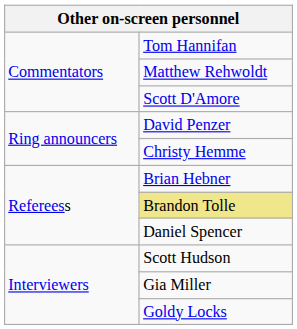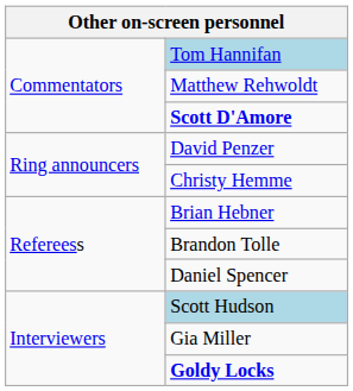 <table align="right" class="wikitable" style="border:1px; font-size:90%; margin-left:1em;">
 <tr>
 <th width="250" colspan="2"><strong>Other on-screen personnel</strong></th>
 </tr>
 <tr>
 <td rowspan="3"><a href='#'>Commentators</a></td>
-<td><a href='#'>Tom Hannifan</a></td>
+<td style="background: lightblue;"><a href='#'>Tom Hannifan</a></td>
 </tr>
 <tr>
 <td><a href='#'>Matthew Rehwoldt</a></td>
 </tr>
 <tr>
-<td><a href='#'>Scott D'Amore</a> </td>
+<td><strong><a href='#'>Scott D'Amore</a> </strong></td>
 </tr>
 <tr>
 <td rowspan="2"><a href='#'>Ring announcers</a></td>
 <td><a href='#'>David Penzer</a></td>
 </tr>
 <tr>
 <td><a href='#'>Christy Hemme</a> </td>
 </tr>
 <tr>
 <td rowspan="3"><a href='#'>Referees</a>s</td>
 <td><a href='#'>Brian Hebner</a></td>
 </tr>
 <tr>
-<td style="background: khaki;">Brandon Tolle</td>
+<td>Brandon Tolle</td>
 </tr>
 <tr>
 <td>Daniel Spencer</td>
 </tr>
 <tr>
 <td rowspan="3"><a href='#'>Interviewers</a></td>
-<td>Scott Hudson</td>
+<td style="background: lightblue;">Scott Hudson</td>
 </tr>
 <tr>
 <td>Gia Miller</td>
 </tr>
 <tr>
-<td><a href='#'>Goldy Locks</a></td>
+<td><strong><a href='#'>Goldy Locks</a></strong></td>
 </tr>
 </table>
